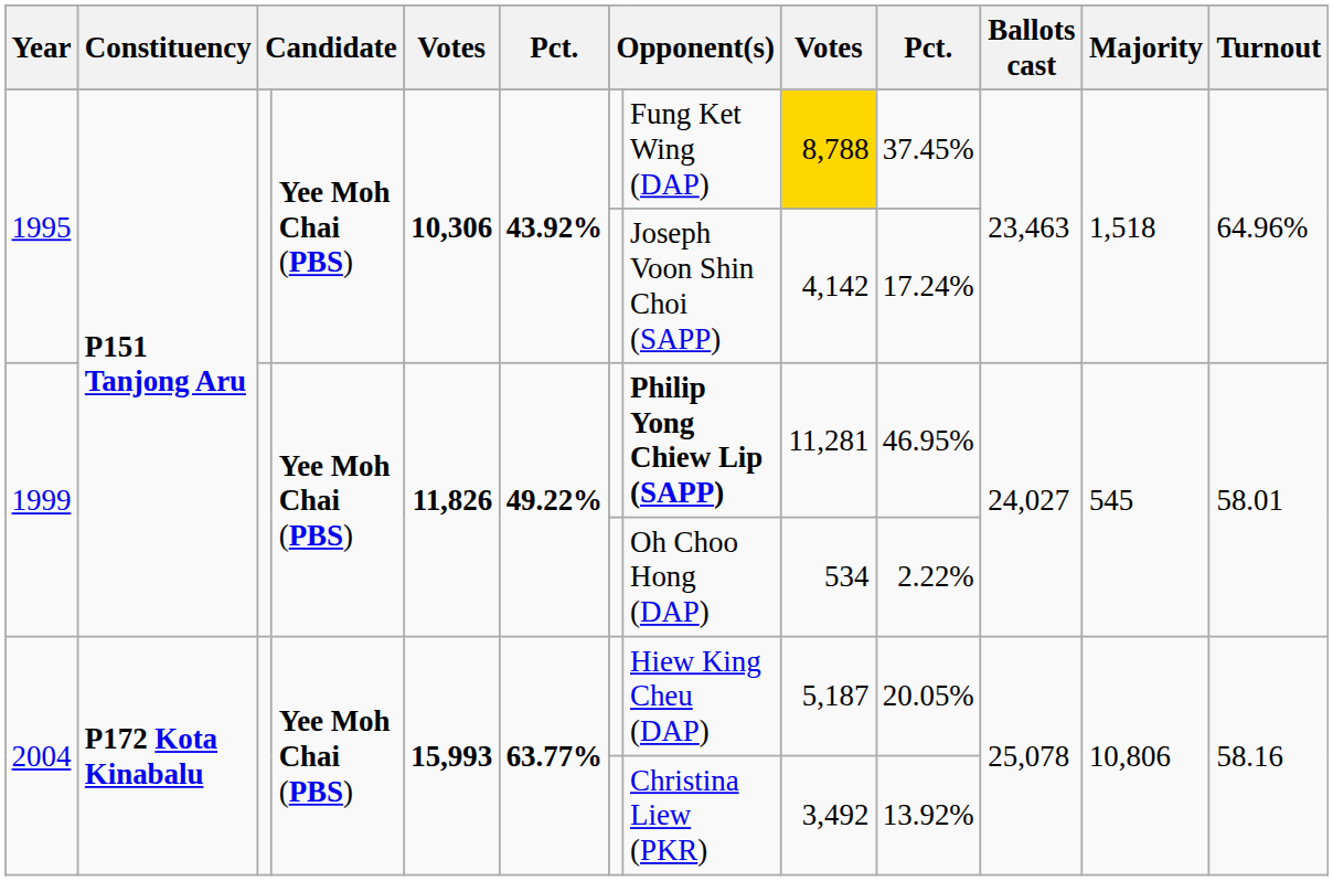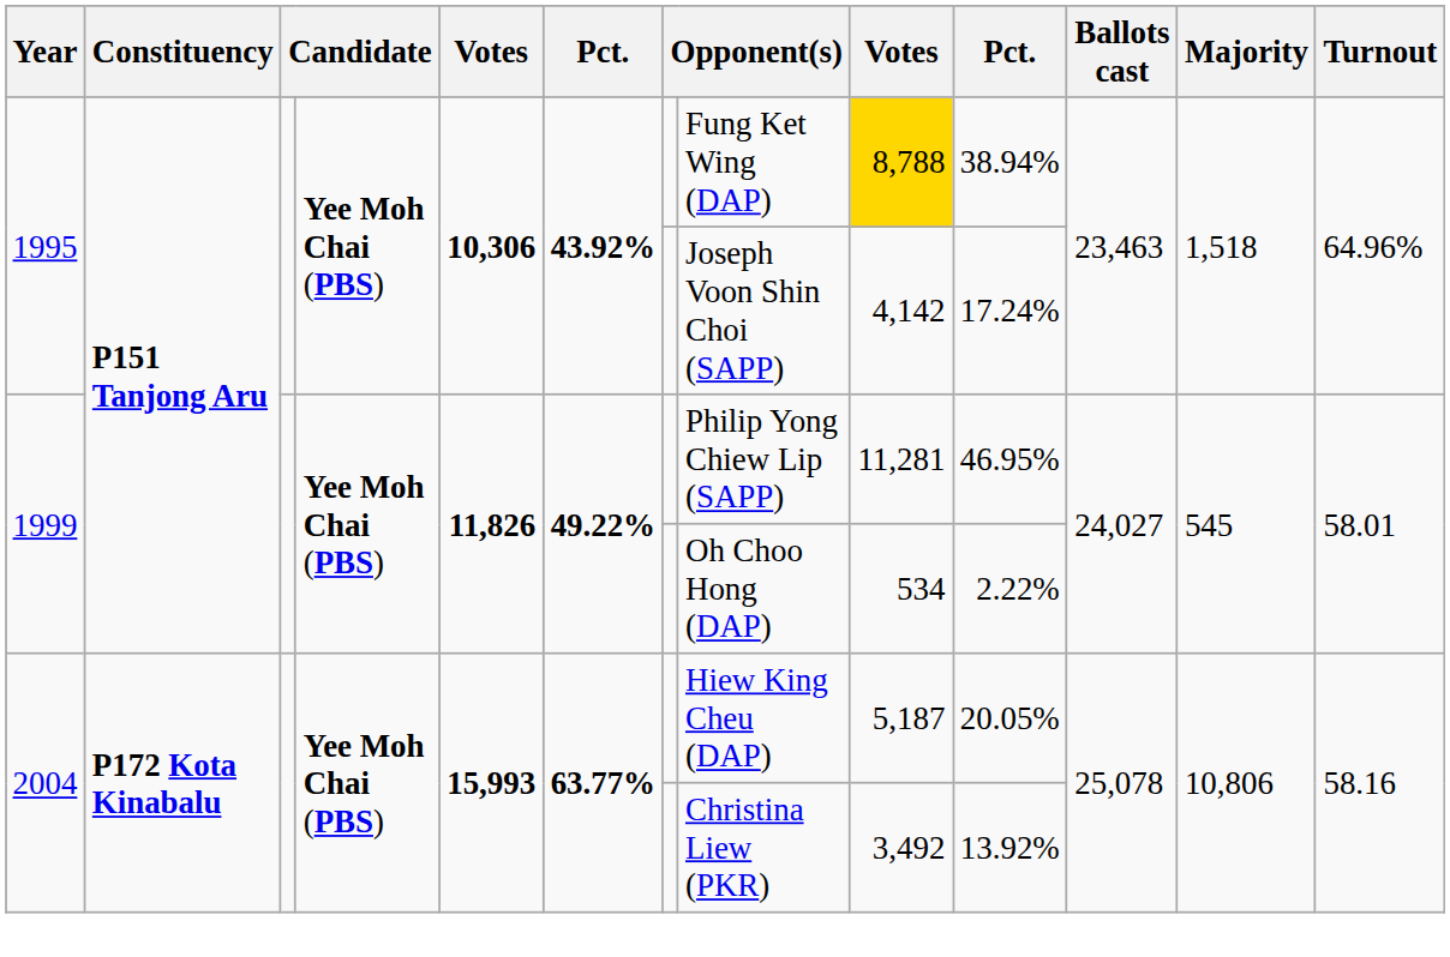 <table class="wikitable" style="margin:0.5em ; font-size:95%">
 <tr>
 <th>Year</th>
 <th>Constituency</th>
 <th colspan="2">Candidate</th>
 <th>Votes</th>
 <th>Pct.</th>
 <th colspan="2">Opponent(s)</th>
 <th>Votes</th>
 <th>Pct.</th>
 <th>Ballots cast</th>
 <th>Majority</th>
 <th>Turnout</th>
 </tr>
 <tr>
 <td rowspan="2"><a href='#'>1995</a></td>
 <td rowspan="4"><strong>P151 <a href='#'>Tanjong Aru</a></strong></td>
 <td rowspan="2" bgcolor= ></td>
 <td rowspan="2"><strong>Yee Moh Chai</strong> (<a href='#'><strong>PBS</strong></a>)</td>
 <td rowspan="2" align=right><strong>10,306</strong></td>
 <td rowspan="2"><strong>43.92%</strong></td>
 <td></td>
 <td>Fung Ket Wing (<a href='#'>DAP</a>)</td>
 <td align=right style="background: gold;">8,788</td>
-<td>37.45%</td>
+<td>38.94%</td>
 <td rowspan="2">23,463</td>
 <td rowspan="2">1,518</td>
 <td rowspan="2">64.96%</td>
 </tr>
 <tr>
 <td></td>
 <td>Joseph Voon Shin Choi (<a href='#'>SAPP</a>)</td>
 <td align=right>4,142</td>
 <td>17.24%</td>
 </tr>
 <tr>
 <td rowspan="2"><a href='#'>1999</a></td>
 <td rowspan="2" bgcolor= ></td>
 <td rowspan="2"><strong>Yee Moh Chai</strong> (<a href='#'><strong>PBS</strong></a>)</td>
 <td rowspan="2" align=right><strong>11,826</strong></td>
 <td rowspan="2"><strong>49.22%</strong></td>
 <td></td>
-<td><strong>Philip Yong Chiew Lip (<a href='#'>SAPP</a>)</strong></td>
+<td>Philip Yong Chiew Lip (<a href='#'>SAPP</a>)</td>
 <td align=right>11,281</td>
 <td>46.95%</td>
 <td rowspan="2">24,027</td>
 <td rowspan="2">545</td>
 <td rowspan="2">58.01</td>
 </tr>
 <tr>
 <td></td>
 <td>Oh Choo Hong (<a href='#'>DAP</a>)</td>
 <td align=right>534</td>
 <td align=right>2.22%</td>
 </tr>
 <tr>
 <td rowspan="2"><a href='#'>2004</a></td>
 <td rowspan="2"><strong>P172 <a href='#'>Kota Kinabalu</a></strong></td>
 <td rowspan="2" ></td>
 <td rowspan="2"><strong>Yee Moh Chai</strong> (<a href='#'><strong>PBS</strong></a>)</td>
 <td rowspan="2" align=right><strong>15,993</strong></td>
 <td rowspan="2"><strong>63.77%</strong></td>
 <td></td>
 <td><a href='#'>Hiew King Cheu</a> (<a href='#'>DAP</a>)</td>
 <td align=right>5,187</td>
 <td>20.05%</td>
 <td rowspan="2">25,078</td>
 <td rowspan="2">10,806</td>
 <td rowspan="2">58.16</td>
 </tr>
 <tr>
 <td></td>
 <td><a href='#'>Christina Liew</a> (<a href='#'>PKR</a>)</td>
 <td align=right>3,492</td>
 <td>13.92%</td>
 </tr>
 </table>
